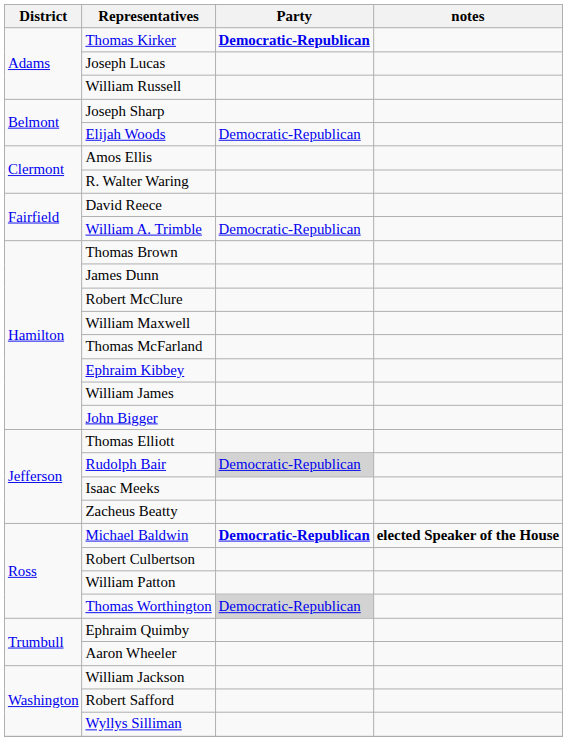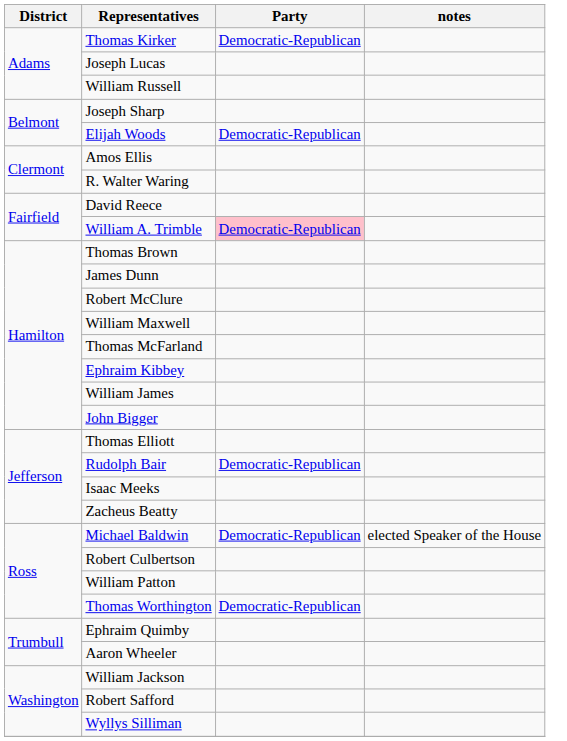 <table class="wikitable">
 <tr>
 <th>District</th>
 <th>Representatives</th>
 <th>Party</th>
 <th>notes</th>
 </tr>
 <tr>
 <td rowspan=3><a href='#'>Adams</a></td>
 <td><a href='#'>Thomas Kirker</a></td>
-<td><strong><a href='#'>Democratic-Republican</a></strong></td>
+<td><a href='#'>Democratic-Republican</a></td>
 <td></td>
 </tr>
 <tr>
 <td>Joseph Lucas</td>
 <td></td>
 <td></td>
 </tr>
 <tr>
 <td>William Russell</td>
 <td></td>
 <td></td>
 </tr>
 <tr>
 <td rowspan=2><a href='#'>Belmont</a></td>
 <td>Joseph Sharp</td>
 <td></td>
 <td></td>
 </tr>
 <tr>
 <td><a href='#'>Elijah Woods</a></td>
 <td><a href='#'>Democratic-Republican</a></td>
 <td></td>
 </tr>
 <tr>
 <td rowspan=2><a href='#'>Clermont</a></td>
 <td>Amos Ellis</td>
 <td></td>
 <td></td>
 </tr>
 <tr>
 <td>R. Walter Waring</td>
 <td></td>
 <td></td>
 </tr>
 <tr>
 <td rowspan=2><a href='#'>Fairfield</a></td>
 <td>David Reece</td>
 <td></td>
 <td></td>
 </tr>
 <tr>
 <td><a href='#'>William A. Trimble</a></td>
-<td><a href='#'>Democratic-Republican</a></td>
+<td style="background: pink;"><a href='#'>Democratic-Republican</a></td>
 <td></td>
 </tr>
 <tr>
 <td rowspan=8><a href='#'>Hamilton</a></td>
 <td>Thomas Brown</td>
 <td></td>
 <td></td>
 </tr>
 <tr>
 <td>James Dunn</td>
 <td></td>
 <td></td>
 </tr>
 <tr>
 <td>Robert McClure</td>
 <td></td>
 <td></td>
 </tr>
 <tr>
 <td>William Maxwell</td>
 <td></td>
 <td></td>
 </tr>
 <tr>
 <td>Thomas McFarland</td>
 <td></td>
 <td></td>
 </tr>
 <tr>
 <td><a href='#'>Ephraim Kibbey</a></td>
 <td></td>
 <td></td>
 </tr>
 <tr>
 <td>William James</td>
 <td></td>
 <td></td>
 </tr>
 <tr>
 <td><a href='#'>John Bigger</a></td>
 <td></td>
 <td></td>
 </tr>
 <tr>
 <td rowspan=4><a href='#'>Jefferson</a></td>
 <td>Thomas Elliott</td>
 <td></td>
 <td></td>
 </tr>
 <tr>
 <td><a href='#'>Rudolph Bair</a></td>
-<td style="background: lightgrey;"><a href='#'>Democratic-Republican</a></td>
+<td><a href='#'>Democratic-Republican</a></td>
 <td></td>
 </tr>
 <tr>
 <td>Isaac Meeks</td>
 <td></td>
 <td></td>
 </tr>
 <tr>
 <td>Zacheus Beatty</td>
 <td></td>
 <td></td>
 </tr>
 <tr>
 <td rowspan=4><a href='#'>Ross</a></td>
 <td><a href='#'>Michael Baldwin</a></td>
-<td><strong><a href='#'>Democratic-Republican</a></strong></td>
-<td><strong>elected Speaker of the House</strong></td>
+<td><a href='#'>Democratic-Republican</a></td>
+<td>elected Speaker of the House</td>
 </tr>
 <tr>
 <td>Robert Culbertson</td>
 <td></td>
 <td></td>
 </tr>
 <tr>
 <td>William Patton</td>
 <td></td>
 <td></td>
 </tr>
 <tr>
 <td><a href='#'>Thomas Worthington</a></td>
-<td style="background: lightgrey;"><a href='#'>Democratic-Republican</a></td>
+<td><a href='#'>Democratic-Republican</a></td>
 <td></td>
 </tr>
 <tr>
 <td rowspan=2><a href='#'>Trumbull</a></td>
 <td>Ephraim Quimby</td>
 <td></td>
 <td></td>
 </tr>
 <tr>
 <td>Aaron Wheeler</td>
 <td></td>
 <td></td>
 </tr>
 <tr>
 <td rowspan=3><a href='#'>Washington</a></td>
 <td>William Jackson</td>
 <td></td>
 <td></td>
 </tr>
 <tr>
 <td>Robert Safford</td>
 <td></td>
 <td></td>
 </tr>
 <tr>
 <td><a href='#'>Wyllys Silliman</a></td>
 <td></td>
 <td></td>
 </tr>
 <tr>
 </tr>
 </table>
